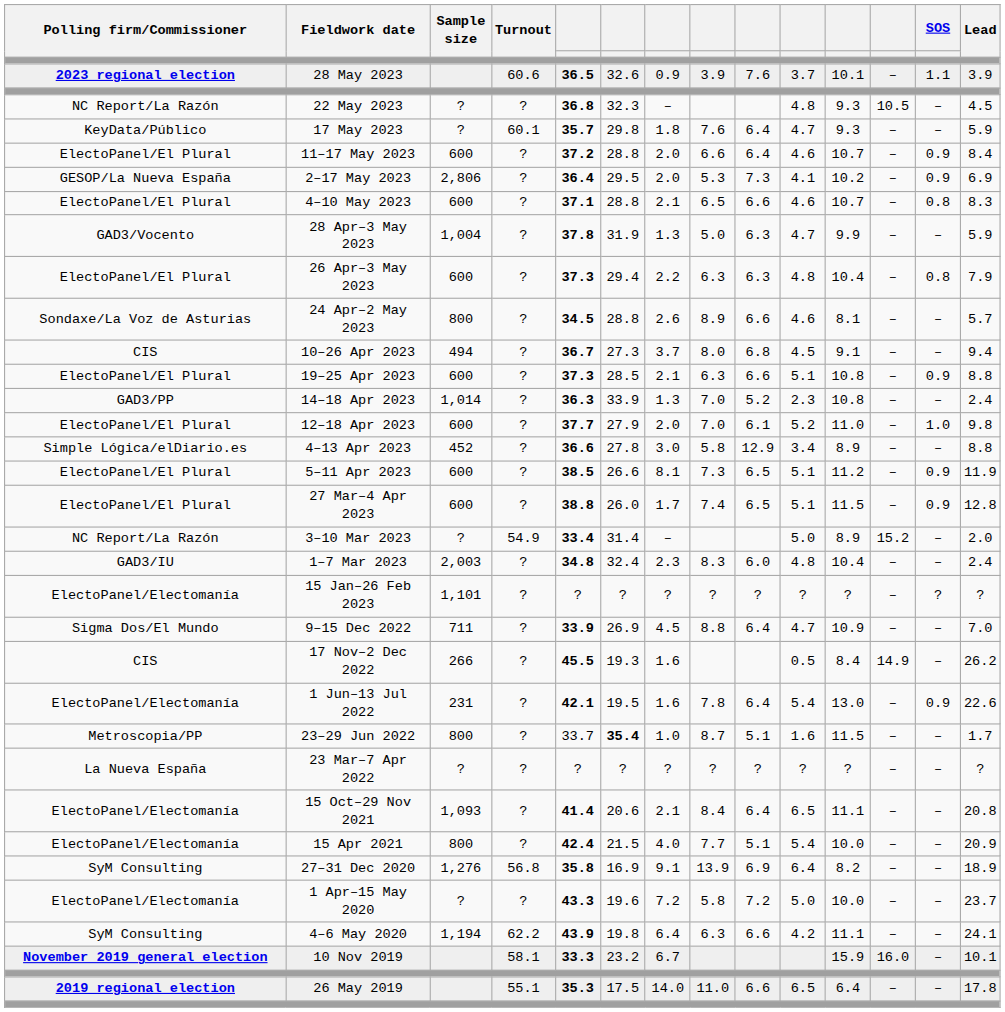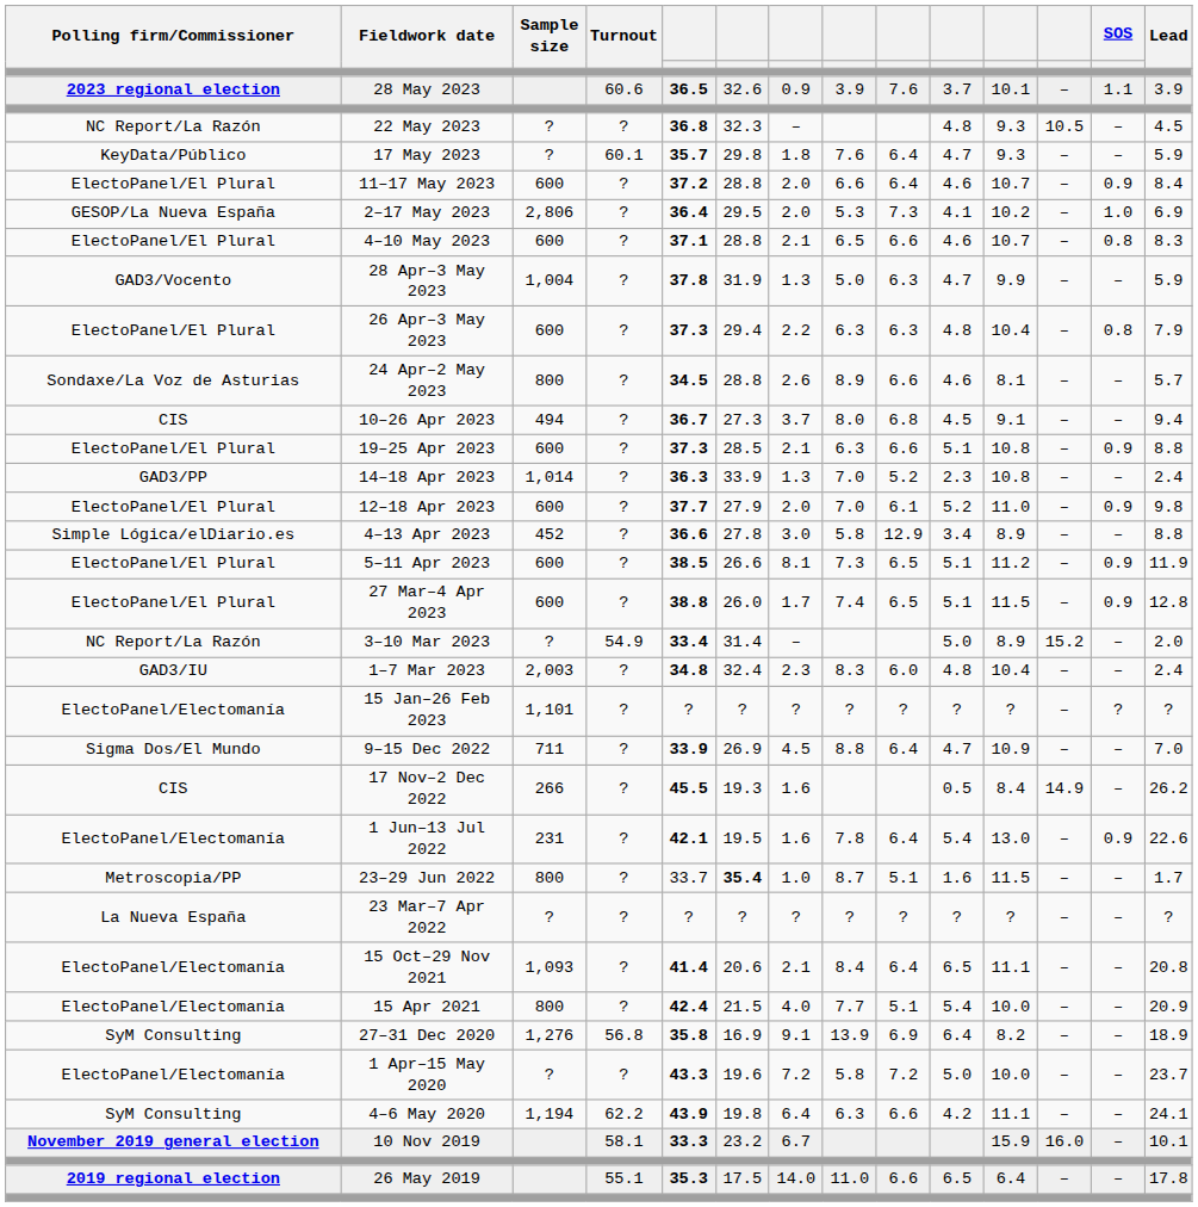 <table class="wikitable collapsible collapsed" style="text-align:center; font-size:95%; line-height:16px;">
 <tr style="height:42px;">
 <th style="width:250px;" rowspan="2">Polling firm/Commissioner</th>
 <th style="width:125px;" rowspan="2">Fieldwork date</th>
 <th style="width:50px;" rowspan="2">Sample size</th>
 <th style="width:45px;" rowspan="2">Turnout</th>
 <th style="width:35px;"></th>
 <th style="width:35px;"></th>
 <th style="width:35px;"></th>
 <th style="width:35px;"></th>
 <th style="width:35px;"></th>
 <th style="width:35px;"></th>
 <th style="width:35px;"></th>
 <th style="width:35px;"></th>
 <th style="width:35px;"><a href='#'>SOS</a></th>
 <th rowspan="2" style="width:30px;">Lead</th>
 </tr>
 <tr>
 <th style="color:inherit;background:"></th>
 <th style="color:inherit;background:"></th>
 <th style="color:inherit;background:"></th>
 <th style="color:inherit;background:"></th>
 <th style="color:inherit;background:"></th>
 <th style="color:inherit;background:"></th>
 <th style="color:inherit;background:"></th>
 <th style="color:inherit;background:"></th>
 <th style="color:inherit;background:"></th>
 </tr>
 <tr>
 <td colspan="14" style="background:#A0A0A0"></td>
 </tr>
 <tr style="background:#EFEFEF;">
 <td><strong><a href='#'>2023 regional election</a></strong></td>
 <td>28 May 2023</td>
 <td></td>
 <td>60.6</td>
 <td><strong>36.5</strong><br></td>
 <td>32.6<br></td>
 <td>0.9<br></td>
 <td>3.9<br></td>
 <td>7.6<br></td>
 <td>3.7<br></td>
 <td>10.1<br></td>
 <td>–</td>
 <td>1.1<br></td>
 <td style="background:">3.9</td>
 </tr>
 <tr>
 <td colspan="14" style="background:#A0A0A0"></td>
 </tr>
 <tr>
 <td>NC Report/La Razón</td>
 <td>22 May 2023</td>
 <td>?</td>
 <td>?</td>
 <td><strong>36.8</strong><br></td>
 <td>32.3<br></td>
 <td>–</td>
 <td></td>
 <td></td>
 <td>4.8<br></td>
 <td>9.3<br></td>
 <td>10.5<br></td>
 <td>–</td>
 <td style="background:">4.5</td>
 </tr>
 <tr>
 <td>KeyData/Público</td>
 <td>17 May 2023</td>
 <td>?</td>
 <td>60.1</td>
 <td><strong>35.7</strong><br></td>
 <td>29.8<br></td>
 <td>1.8<br></td>
 <td>7.6<br></td>
 <td>6.4<br></td>
 <td>4.7<br></td>
 <td>9.3<br></td>
 <td>–</td>
 <td>–</td>
 <td style="background:">5.9</td>
 </tr>
 <tr>
 <td>ElectoPanel/El Plural</td>
 <td>11–17 May 2023</td>
 <td>600</td>
 <td>?</td>
 <td><strong>37.2</strong><br></td>
 <td>28.8<br></td>
 <td>2.0<br></td>
 <td>6.6<br></td>
 <td>6.4<br></td>
 <td>4.6<br></td>
 <td>10.7<br></td>
 <td>–</td>
 <td>0.9<br></td>
 <td style="background:">8.4</td>
 </tr>
 <tr>
 <td>GESOP/La Nueva España</td>
 <td>2–17 May 2023</td>
 <td>2,806</td>
 <td>?</td>
 <td><strong>36.4</strong><br></td>
 <td>29.5<br></td>
 <td>2.0<br></td>
 <td>5.3<br></td>
 <td>7.3<br></td>
 <td>4.1<br></td>
 <td>10.2<br></td>
 <td>–</td>
-<td>0.9<br></td>
+<td>1.0<br></td>
 <td style="background:">6.9</td>
 </tr>
 <tr>
 <td>ElectoPanel/El Plural</td>
 <td>4–10 May 2023</td>
 <td>600</td>
 <td>?</td>
 <td><strong>37.1</strong><br></td>
 <td>28.8<br></td>
 <td>2.1<br></td>
 <td>6.5<br></td>
 <td>6.6<br></td>
 <td>4.6<br></td>
 <td>10.7<br></td>
 <td>–</td>
 <td>0.8<br></td>
 <td style="background:">8.3</td>
 </tr>
 <tr>
 <td>GAD3/Vocento</td>
 <td>28 Apr–3 May 2023</td>
 <td>1,004</td>
 <td>?</td>
 <td><strong>37.8</strong><br></td>
 <td>31.9<br></td>
 <td>1.3<br></td>
 <td>5.0<br></td>
 <td>6.3<br></td>
 <td>4.7<br></td>
 <td>9.9<br></td>
 <td>–</td>
 <td>–</td>
 <td style="background:">5.9</td>
 </tr>
 <tr>
 <td>ElectoPanel/El Plural</td>
 <td>26 Apr–3 May 2023</td>
 <td>600</td>
 <td>?</td>
 <td><strong>37.3</strong><br></td>
 <td>29.4<br></td>
 <td>2.2<br></td>
 <td>6.3<br></td>
 <td>6.3<br></td>
 <td>4.8<br></td>
 <td>10.4<br></td>
 <td>–</td>
 <td>0.8<br></td>
 <td style="background:">7.9</td>
 </tr>
 <tr>
 <td>Sondaxe/La Voz de Asturias</td>
 <td>24 Apr–2 May 2023</td>
 <td>800</td>
 <td>?</td>
 <td><strong>34.5</strong><br></td>
 <td>28.8<br></td>
 <td>2.6<br></td>
 <td>8.9<br></td>
 <td>6.6<br></td>
 <td>4.6<br></td>
 <td>8.1<br></td>
 <td>–</td>
 <td>–</td>
 <td style="background:">5.7</td>
 </tr>
 <tr>
 <td>CIS</td>
 <td>10–26 Apr 2023</td>
 <td>494</td>
 <td>?</td>
 <td><strong>36.7</strong></td>
 <td>27.3</td>
 <td>3.7</td>
 <td>8.0</td>
 <td>6.8</td>
 <td>4.5</td>
 <td>9.1</td>
 <td>–</td>
 <td>–</td>
 <td style="background:">9.4</td>
 </tr>
 <tr>
 <td>ElectoPanel/El Plural</td>
 <td>19–25 Apr 2023</td>
 <td>600</td>
 <td>?</td>
 <td><strong>37.3</strong><br></td>
 <td>28.5<br></td>
 <td>2.1<br></td>
 <td>6.3<br></td>
 <td>6.6<br></td>
 <td>5.1<br></td>
 <td>10.8<br></td>
 <td>–</td>
 <td>0.9<br></td>
 <td style="background:">8.8</td>
 </tr>
 <tr>
 <td>GAD3/PP</td>
 <td>14–18 Apr 2023</td>
 <td>1,014</td>
 <td>?</td>
 <td><strong>36.3</strong><br></td>
 <td>33.9<br></td>
 <td>1.3<br></td>
 <td>7.0<br></td>
 <td>5.2<br></td>
 <td>2.3<br></td>
 <td>10.8<br></td>
 <td>–</td>
 <td>–</td>
 <td style="background:">2.4</td>
 </tr>
 <tr>
 <td>ElectoPanel/El Plural</td>
 <td>12–18 Apr 2023</td>
 <td>600</td>
 <td>?</td>
 <td><strong>37.7</strong><br></td>
 <td>27.9<br></td>
 <td>2.0<br></td>
 <td>7.0<br></td>
 <td>6.1<br></td>
 <td>5.2<br></td>
 <td>11.0<br></td>
 <td>–</td>
-<td>1.0<br></td>
+<td>0.9<br></td>
 <td style="background:">9.8</td>
 </tr>
 <tr>
 <td>Simple Lógica/elDiario.es</td>
 <td>4–13 Apr 2023</td>
 <td>452</td>
 <td>?</td>
 <td><strong>36.6</strong><br></td>
 <td>27.8<br></td>
 <td>3.0<br></td>
 <td>5.8<br></td>
 <td>12.9<br></td>
 <td>3.4<br></td>
 <td>8.9<br></td>
 <td>–</td>
 <td>–</td>
 <td style="background:">8.8</td>
 </tr>
 <tr>
 <td>ElectoPanel/El Plural</td>
 <td>5–11 Apr 2023</td>
 <td>600</td>
 <td>?</td>
 <td><strong>38.5</strong><br></td>
 <td>26.6<br></td>
 <td>8.1<br></td>
 <td>7.3<br></td>
 <td>6.5<br></td>
 <td>5.1<br></td>
 <td>11.2<br></td>
 <td>–</td>
 <td>0.9<br></td>
 <td style="background:">11.9</td>
 </tr>
 <tr>
 <td>ElectoPanel/El Plural</td>
 <td>27 Mar–4 Apr 2023</td>
 <td>600</td>
 <td>?</td>
 <td><strong>38.8</strong><br></td>
 <td>26.0<br></td>
 <td>1.7<br></td>
 <td>7.4<br></td>
 <td>6.5<br></td>
 <td>5.1<br></td>
 <td>11.5<br></td>
 <td>–</td>
 <td>0.9<br></td>
 <td style="background:">12.8</td>
 </tr>
 <tr>
 <td>NC Report/La Razón</td>
 <td>3–10 Mar 2023</td>
 <td>?</td>
 <td>54.9</td>
 <td><strong>33.4</strong><br></td>
 <td>31.4<br></td>
 <td>–</td>
 <td></td>
 <td></td>
 <td>5.0<br></td>
 <td>8.9<br></td>
 <td>15.2<br></td>
 <td>–</td>
 <td style="background:">2.0</td>
 </tr>
 <tr>
 <td>GAD3/IU</td>
 <td>1–7 Mar 2023</td>
 <td>2,003</td>
 <td>?</td>
 <td><strong>34.8</strong><br></td>
 <td>32.4<br></td>
 <td>2.3<br></td>
 <td>8.3<br></td>
 <td>6.0<br></td>
 <td>4.8<br></td>
 <td>10.4<br></td>
 <td>–</td>
 <td>–</td>
 <td style="background:">2.4</td>
 </tr>
 <tr>
 <td>ElectoPanel/Electomanía</td>
 <td>15 Jan–26 Feb 2023</td>
 <td>1,101</td>
 <td>?</td>
 <td>?<br></td>
 <td>?<br></td>
 <td>?<br></td>
 <td>?<br></td>
 <td>?<br></td>
 <td>?<br></td>
 <td>?<br></td>
 <td>–</td>
 <td>?<br></td>
 <td style="background:">?</td>
 </tr>
 <tr>
 <td>Sigma Dos/El Mundo</td>
 <td>9–15 Dec 2022</td>
 <td>711</td>
 <td>?</td>
 <td><strong>33.9</strong><br></td>
 <td>26.9<br></td>
 <td>4.5<br></td>
 <td>8.8<br></td>
 <td>6.4<br></td>
 <td>4.7<br></td>
 <td>10.9<br></td>
 <td>–</td>
 <td>–</td>
 <td style="background:">7.0</td>
 </tr>
 <tr>
 <td>CIS</td>
 <td>17 Nov–2 Dec 2022</td>
 <td>266</td>
 <td>?</td>
 <td><strong>45.5</strong></td>
 <td>19.3</td>
 <td>1.6</td>
 <td></td>
 <td></td>
 <td>0.5</td>
 <td>8.4</td>
 <td>14.9</td>
 <td>–</td>
 <td style="background:">26.2</td>
 </tr>
 <tr>
 <td>ElectoPanel/Electomanía</td>
 <td>1 Jun–13 Jul 2022</td>
 <td>231</td>
 <td>?</td>
 <td><strong>42.1</strong><br></td>
 <td>19.5<br></td>
 <td>1.6<br></td>
 <td>7.8<br></td>
 <td>6.4<br></td>
 <td>5.4<br></td>
 <td>13.0<br></td>
 <td>–</td>
 <td>0.9<br></td>
 <td style="background:">22.6</td>
 </tr>
 <tr>
 <td>Metroscopia/PP</td>
 <td>23–29 Jun 2022</td>
 <td>800</td>
 <td>?</td>
 <td>33.7<br></td>
 <td><strong>35.4</strong><br></td>
 <td>1.0<br></td>
 <td>8.7<br></td>
 <td>5.1<br></td>
 <td>1.6<br></td>
 <td>11.5<br></td>
 <td>–</td>
 <td>–</td>
 <td style="background:">1.7</td>
 </tr>
 <tr>
 <td>La Nueva España</td>
 <td>23 Mar–7 Apr 2022</td>
 <td>?</td>
 <td>?</td>
 <td>?<br></td>
 <td>?<br></td>
 <td>?<br></td>
 <td>?<br></td>
 <td>?<br></td>
 <td>?<br></td>
 <td>?<br></td>
 <td>–</td>
 <td>–</td>
 <td style="background:">?</td>
 </tr>
 <tr>
 <td>ElectoPanel/Electomanía</td>
 <td>15 Oct–29 Nov 2021</td>
 <td>1,093</td>
 <td>?</td>
 <td><strong>41.4</strong><br></td>
 <td>20.6<br></td>
 <td>2.1<br></td>
 <td>8.4<br></td>
 <td>6.4<br></td>
 <td>6.5<br></td>
 <td>11.1<br></td>
 <td>–</td>
 <td>–</td>
 <td style="background:">20.8</td>
 </tr>
 <tr>
 <td>ElectoPanel/Electomanía</td>
 <td>15 Apr 2021</td>
 <td>800</td>
 <td>?</td>
 <td><strong>42.4</strong><br></td>
 <td>21.5<br></td>
 <td>4.0<br></td>
 <td>7.7<br></td>
 <td>5.1<br></td>
 <td>5.4<br></td>
 <td>10.0<br></td>
 <td>–</td>
 <td>–</td>
 <td style="background:">20.9</td>
 </tr>
 <tr>
 <td>SyM Consulting</td>
 <td>27–31 Dec 2020</td>
 <td>1,276</td>
 <td>56.8</td>
 <td><strong>35.8</strong><br></td>
 <td>16.9<br></td>
 <td>9.1<br></td>
 <td>13.9<br></td>
 <td>6.9<br></td>
 <td>6.4<br></td>
 <td>8.2<br></td>
 <td>–</td>
 <td>–</td>
 <td style="background:">18.9</td>
 </tr>
 <tr>
 <td>ElectoPanel/Electomanía</td>
 <td>1 Apr–15 May 2020</td>
 <td>?</td>
 <td>?</td>
 <td><strong>43.3</strong><br></td>
 <td>19.6<br></td>
 <td>7.2<br></td>
 <td>5.8<br></td>
 <td>7.2<br></td>
 <td>5.0<br></td>
 <td>10.0<br></td>
 <td>–</td>
 <td>–</td>
 <td style="background:">23.7</td>
 </tr>
 <tr>
 <td>SyM Consulting</td>
 <td>4–6 May 2020</td>
 <td>1,194</td>
 <td>62.2</td>
 <td><strong>43.9</strong><br></td>
 <td>19.8<br></td>
 <td>6.4<br></td>
 <td>6.3<br></td>
 <td>6.6<br></td>
 <td>4.2<br></td>
 <td>11.1<br></td>
 <td>–</td>
 <td>–</td>
 <td style="background:">24.1</td>
 </tr>
 <tr style="background:#EFEFEF;">
 <td><strong><a href='#'>November 2019 general election</a></strong></td>
 <td>10 Nov 2019</td>
 <td></td>
 <td>58.1</td>
 <td><strong>33.3</strong></td>
 <td>23.2</td>
 <td>6.7</td>
 <td></td>
 <td></td>
 <td></td>
 <td>15.9</td>
 <td>16.0</td>
 <td>–</td>
 <td style="background:">10.1</td>
 </tr>
 <tr>
 <td colspan="14" style="background:#A0A0A0"></td>
 </tr>
 <tr style="background:#EFEFEF;">
 <td><strong><a href='#'>2019 regional election</a></strong></td>
 <td>26 May 2019</td>
 <td></td>
 <td>55.1</td>
 <td><strong>35.3</strong><br></td>
 <td>17.5<br></td>
 <td>14.0<br></td>
 <td>11.0<br></td>
 <td>6.6<br></td>
 <td>6.5<br></td>
 <td>6.4<br></td>
 <td>–</td>
 <td>–</td>
 <td style="background:">17.8</td>
 </tr>
 <tr>
 <td colspan="14" style="background:#A0A0A0"></td>
 </tr>
 </table>
